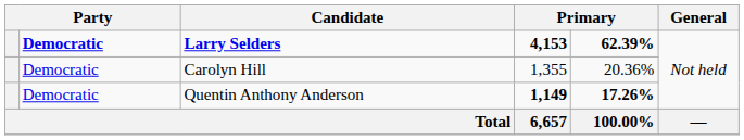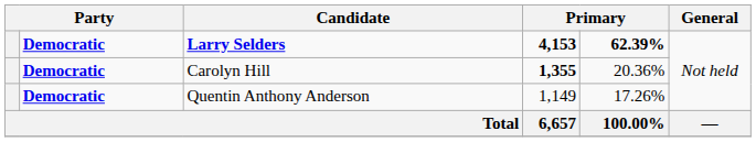 <table class="wikitable" style=width:45em>
 <tr>
 <th colspan=2 style=width:8em>Party</th>
 <th style=width:20em>Candidate</th>
 <th colspan=2>Primary<br></th>
 <th colspan=2>General<br></th>
 </tr>
 <tr>
 <th style="background-color:"></th>
 <td><strong><a href='#'>Democratic</a></strong></td>
 <td><strong><a href='#'>Larry Selders</a></strong></td>
 <td style="text-align: right;"><strong>4,153</strong></td>
 <td style="text-align: right;"><strong>62.39%</strong></td>
 <td style="text-align: center;" rowspan=3 colspan=2><em>Not held</em></td>
 </tr>
 <tr>
 <th style="background-color:"></th>
-<td><a href='#'>Democratic</a></td>
+<td><strong><a href='#'>Democratic</a></strong></td>
 <td>Carolyn Hill</td>
-<td style="text-align: right;">1,355</td>
+<td style="text-align: right;"><strong>1,355</strong></td>
 <td style="text-align: right;">20.36%</td>
 </tr>
 <tr>
 <th style="background-color:"></th>
-<td><a href='#'>Democratic</a></td>
+<td><strong><a href='#'>Democratic</a></strong></td>
 <td>Quentin Anthony Anderson</td>
-<td style="text-align: right;"><strong>1,149</strong></td>
-<td style="text-align: right;"><strong>17.26%</strong></td>
+<td style="text-align: right;">1,149</td>
+<td style="text-align: right;">17.26%</td>
 </tr>
 <tr>
 <th style="text-align: right;" colspan=3>Total</th>
 <th style="text-align: right;">6,657</th>
 <th style="text-align: right;">100.00%</th>
 <th style="text-align: center;" colspan=2>—</th>
 </tr>
 <tr>
 </tr>
 </table>
